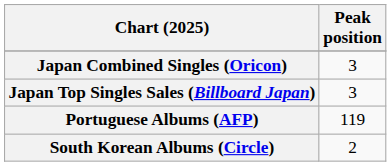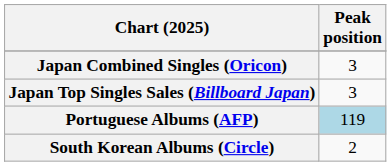 <table class="wikitable sortable plainrowheaders" style="text-align:center">
 <tr>
 <th scope="col">Chart (2025)</th>
 <th scope="col">Peak<br>position</th>
 </tr>
 <tr>
 </tr>
 <tr>
 <th scope="row">Japan Combined Singles (<a href='#'>Oricon</a>)</th>
 <td>3</td>
 </tr>
 <tr>
 <th scope="row">Japan Top Singles Sales (<em><a href='#'>Billboard Japan</a></em>)</th>
 <td>3</td>
 </tr>
 <tr>
 <th scope="row">Portuguese Albums (<a href='#'>AFP</a>)<br></th>
-<td>119</td>
+<td style="background: lightblue;">119</td>
 </tr>
 <tr>
 <th scope="row">South Korean Albums (<a href='#'>Circle</a>)</th>
 <td>2</td>
 </tr>
 </table>
